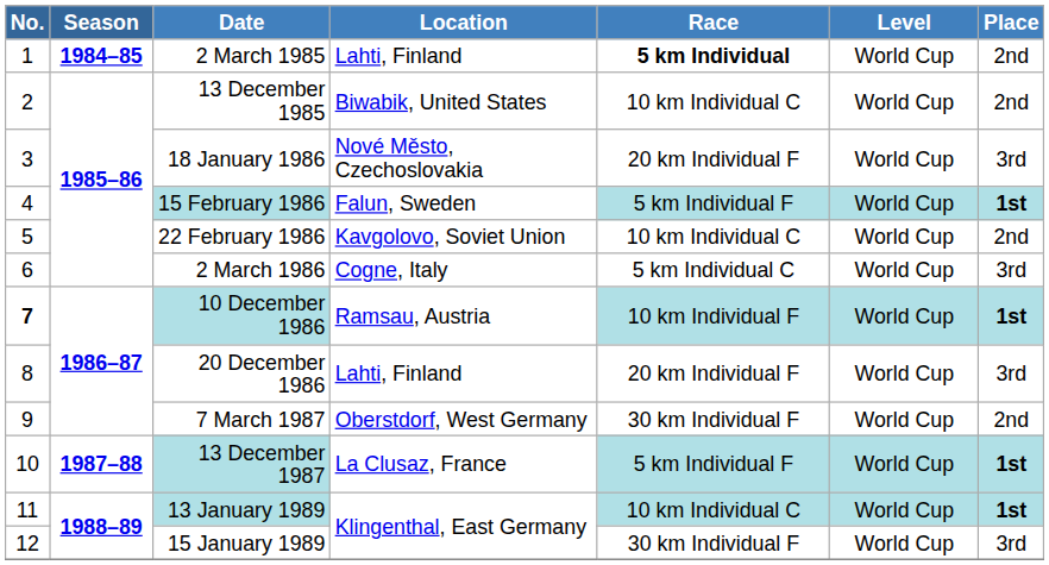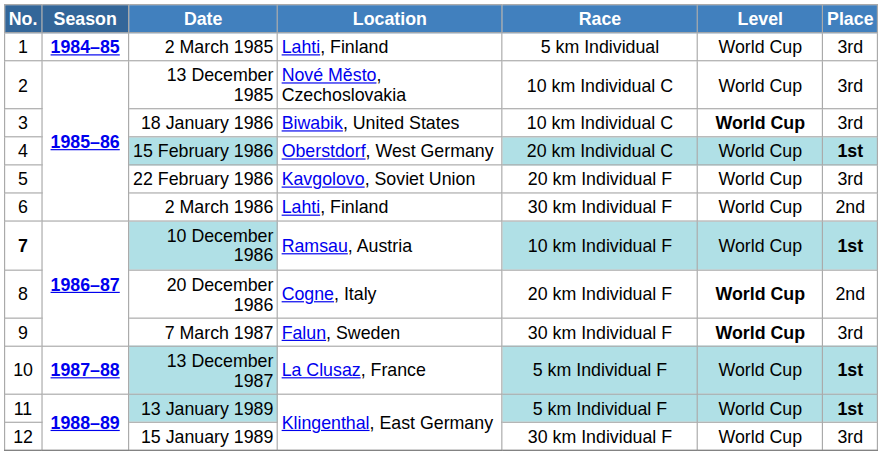 <table class="wikitable sortable" style="font-size:95%; text-align:center; border:grey solid 1px; border-collapse:collapse; background:#ffffff;">
 <tr style="background:#efefef;">
 <th style="background-color:#369; color:white;">No.</th>
 <th style="background-color:#369; color:white;">Season</th>
 <th style="background-color:#4180be; color:white; width:120px;">Date</th>
 <th style="background-color:#4180be; color:white; width:185px;">Location</th>
 <th style="background-color:#4180be; color:white; width:160px;">Race</th>
 <th style="background-color:#4180be; color:white; width:100px;">Level</th>
 <th style="background-color:#4180be; color:white;">Place</th>
 </tr>
 <tr>
 <td align=center>1</td>
 <td rowspan=1 align=center><strong> <a href='#'>1984–85</a> </strong></td>
 <td align=right>2 March 1985</td>
 <td align=left> <a href='#'>Lahti</a>, Finland</td>
-<td><strong>5 km Individual</strong></td>
+<td>5 km Individual</td>
 <td>World Cup</td>
-<td>2nd</td>
+<td>3rd</td>
 </tr>
 <tr>
 <td align=center>2</td>
 <td rowspan=5 align=center><strong> <a href='#'>1985–86</a> </strong></td>
 <td align=right>13 December 1985</td>
-<td align=left> <a href='#'>Biwabik</a>, United States</td>
+<td align=left> <a href='#'>Nové Město</a>, Czechoslovakia</td>
 <td>10 km Individual C</td>
 <td>World Cup</td>
-<td>2nd</td>
+<td>3rd</td>
 </tr>
 <tr>
 <td align=center>3</td>
 <td align=right>18 January 1986</td>
-<td align=left> <a href='#'>Nové Město</a>, Czechoslovakia</td>
-<td>20 km Individual F</td>
-<td>World Cup</td>
+<td align=left> <a href='#'>Biwabik</a>, United States</td>
+<td>10 km Individual C</td>
+<td><strong>World Cup</strong></td>
 <td>3rd</td>
 </tr>
 <tr>
 <td align=center>4</td>
 <td bgcolor="#BOEOE6" align=right>15 February 1986</td>
-<td align=left> <a href='#'>Falun</a>, Sweden</td>
-<td bgcolor="#BOEOE6">5 km Individual F</td>
+<td align=left> <a href='#'>Oberstdorf</a>, West Germany</td>
+<td bgcolor="#BOEOE6">20 km Individual C</td>
 <td bgcolor="#BOEOE6">World Cup</td>
 <td bgcolor="#BOEOE6"><strong>1st</strong></td>
 </tr>
 <tr>
 <td align=center>5</td>
 <td align=right>22 February 1986</td>
 <td align=left> <a href='#'>Kavgolovo</a>, Soviet Union</td>
-<td>10 km Individual C</td>
+<td>20 km Individual F</td>
 <td>World Cup</td>
-<td>2nd</td>
+<td>3rd</td>
 </tr>
 <tr>
 <td align=center>6</td>
 <td align=right>2 March 1986</td>
-<td align=left> <a href='#'>Cogne</a>, Italy</td>
-<td>5 km Individual C</td>
+<td align=left> <a href='#'>Lahti</a>, Finland</td>
+<td>30 km Individual F</td>
 <td>World Cup</td>
-<td>3rd</td>
+<td>2nd</td>
 </tr>
 <tr>
 <td align=center><strong>7</strong></td>
 <td rowspan=3 align=center><strong><a href='#'>1986–87</a></strong></td>
 <td bgcolor="#BOEOE6" align=right>10 December 1986</td>
 <td align=left> <a href='#'>Ramsau</a>, Austria</td>
 <td bgcolor="#BOEOE6">10 km Individual F</td>
 <td bgcolor="#BOEOE6">World Cup</td>
 <td bgcolor="#BOEOE6"><strong>1st</strong></td>
 </tr>
 <tr>
 <td align=center>8</td>
 <td align=right>20 December 1986</td>
-<td align=left> <a href='#'>Lahti</a>, Finland</td>
+<td align=left> <a href='#'>Cogne</a>, Italy</td>
 <td>20 km Individual F</td>
-<td>World Cup</td>
-<td>3rd</td>
+<td><strong>World Cup</strong></td>
+<td>2nd</td>
 </tr>
 <tr>
 <td align=center>9</td>
 <td align=right>7 March 1987</td>
-<td align=left> <a href='#'>Oberstdorf</a>, West Germany</td>
+<td align=left> <a href='#'>Falun</a>, Sweden</td>
 <td>30 km Individual F</td>
-<td>World Cup</td>
-<td>2nd</td>
+<td><strong>World Cup</strong></td>
+<td>3rd</td>
 </tr>
 <tr>
 <td align=center>10</td>
 <td rowspan=1 align=center><strong><a href='#'>1987–88</a></strong></td>
 <td bgcolor="#BOEOE6" align=right>13 December 1987</td>
 <td align=left> <a href='#'>La Clusaz</a>, France</td>
 <td bgcolor="#BOEOE6">5 km Individual F</td>
 <td bgcolor="#BOEOE6">World Cup</td>
 <td bgcolor="#BOEOE6"><strong>1st</strong></td>
 </tr>
 <tr>
 <td align=center>11</td>
 <td rowspan=2 align=center><strong><a href='#'>1988–89</a></strong></td>
 <td bgcolor="#BOEOE6" align=right>13 January 1989</td>
 <td rowspan=2 align=left> <a href='#'>Klingenthal</a>, East Germany</td>
-<td bgcolor="#BOEOE6">10 km Individual C</td>
+<td bgcolor="#BOEOE6">5 km Individual F</td>
 <td bgcolor="#BOEOE6">World Cup</td>
 <td bgcolor="#BOEOE6"><strong>1st</strong></td>
 </tr>
 <tr>
 <td align=center>12</td>
 <td align=right>15 January 1989</td>
 <td>30 km Individual F</td>
 <td>World Cup</td>
 <td>3rd</td>
 </tr>
 <tr>
 </tr>
 </table>
